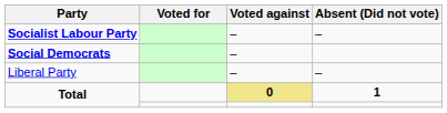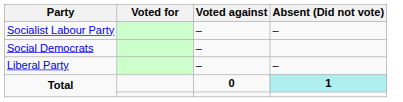 <table class="wikitable">
 <tr>
 <th>Party</th>
 <th style="width:20%;">Voted for</th>
 <th>Voted against</th>
 <th>Absent (Did not vote)</th>
 </tr>
 <tr>
-<td><strong> <a href='#'>Socialist Labour Party</a></strong></td>
+<td> <a href='#'>Socialist Labour Party</a></td>
 <td style="background-color:#CCFFCC;"></td>
 <td>–</td>
 <td>–</td>
 </tr>
 <tr>
-<td><strong> <a href='#'>Social Democrats</a></strong></td>
+<td> <a href='#'>Social Democrats</a></td>
 <td style="background-color:#CCFFCC;"></td>
 <td>–</td>
 <td></td>
 </tr>
 <tr>
 <td> <a href='#'>Liberal Party</a></td>
 <td style="background-color:#CCFFCC;"></td>
 <td>–</td>
 <td>–</td>
 </tr>
 <tr>
 <td style="text-align:center;" rowspan="2"><strong>Total</strong></td>
 <td></td>
-<td style="background: khaki; text-align:center;"><strong>0</strong></td>
-<td style="text-align:center;"><strong>1</strong></td>
+<td style="text-align:center;"><strong>0</strong></td>
+<td style="background: paleturquoise; text-align:center;"><strong>1</strong></td>
 </tr>
 <tr>
 <td style="text-align:center;"></td>
 <td style="text-align:center;"></td>
 <td style="text-align:center;"></td>
 </tr>
 </table>
